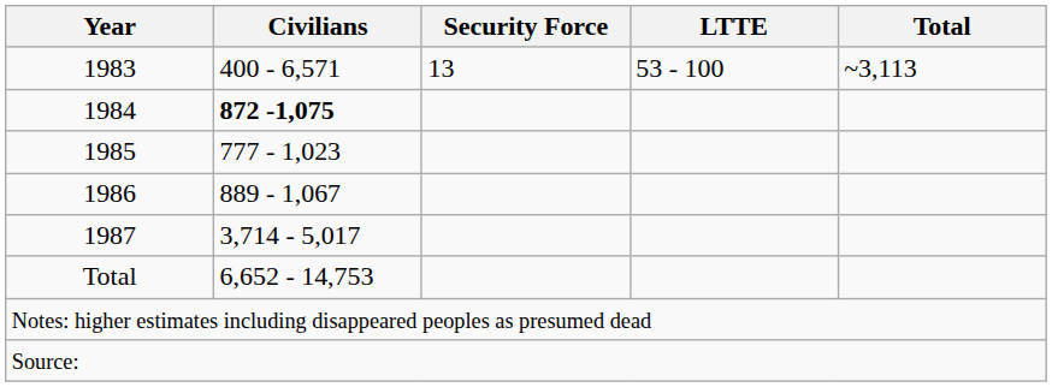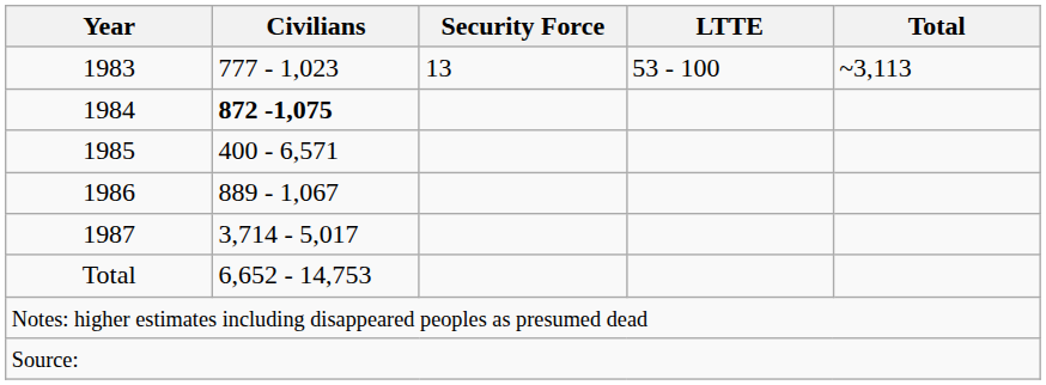 <table style="width:50%;" class="wikitable" border="1">
 <tr>
 <th width=18%>Year</th>
 <th width=18%>Civilians</th>
 <th width=18%>Security Force</th>
 <th width=18%>LTTE</th>
 <th width=18%>Total</th>
 </tr>
 <tr>
 <td align="center">1983</td>
-<td>400 - 6,571</td>
+<td>777 - 1,023</td>
 <td>13</td>
 <td>53 - 100</td>
 <td>~3,113</td>
 </tr>
 <tr>
 <td align="center">1984</td>
 <td><strong>872 -1,075</strong></td>
 <td></td>
 <td></td>
 <td></td>
 </tr>
 <tr>
 <td align="center">1985</td>
-<td>777 - 1,023</td>
+<td>400 - 6,571</td>
 <td></td>
 <td></td>
 <td></td>
 </tr>
 <tr>
 <td align="center">1986</td>
 <td>889 - 1,067</td>
 <td></td>
 <td></td>
 <td></td>
 </tr>
 <tr>
 <td align="center">1987</td>
 <td>3,714 - 5,017</td>
 <td></td>
 <td></td>
 <td></td>
 </tr>
 <tr>
 <td align="center">Total</td>
 <td>6,652 - 14,753</td>
 <td></td>
 <td></td>
 <td></td>
 </tr>
 <tr>
 <td align=left colspan=5><small>Notes: higher estimates including disappeared peoples as presumed dead</small></td>
 </tr>
 <tr>
 <td align=left colspan=5><small>Source:</small></td>
 </tr>
 </table>
